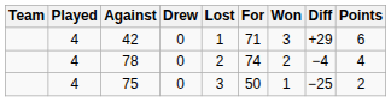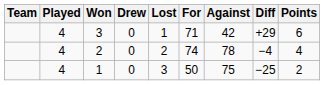 <table class="wikitable" style="text-align:center">
 <tr>
 <th>Team</th>
 <th>Played</th>
-<th>Against</th>
+<th>Won</th>
 <th>Drew</th>
 <th>Lost</th>
 <th>For</th>
-<th>Won</th>
+<th>Against</th>
 <th>Diff</th>
 <th>Points</th>
 </tr>
 <tr>
 <td align=left></td>
 <td>4</td>
-<td>42</td>
+<td>3</td>
 <td>0</td>
 <td>1</td>
 <td>71</td>
-<td>3</td>
+<td>42</td>
 <td>+29</td>
 <td>6</td>
 </tr>
 <tr>
 <td align=left></td>
 <td>4</td>
-<td>78</td>
+<td>2</td>
 <td>0</td>
 <td>2</td>
 <td>74</td>
-<td>2</td>
+<td>78</td>
 <td>−4</td>
 <td>4</td>
 </tr>
 <tr>
 <td align=left></td>
 <td>4</td>
-<td>75</td>
+<td>1</td>
 <td>0</td>
 <td>3</td>
 <td>50</td>
-<td>1</td>
+<td>75</td>
 <td>−25</td>
 <td>2</td>
 </tr>
 </table>
